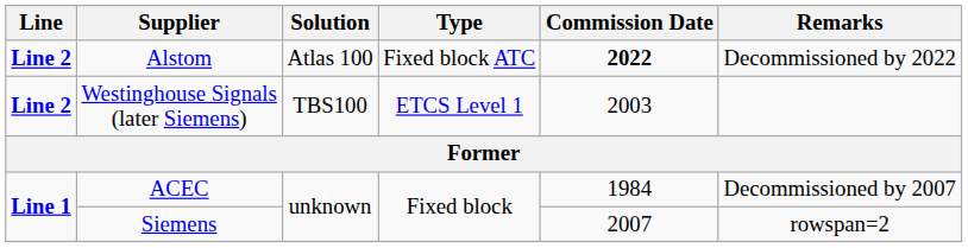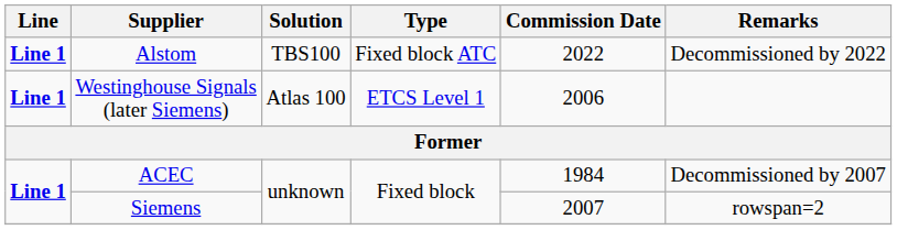 <table class="wikitable" style="margin:auto; font-align:center; text-align:center">
 <tr>
 <th>Line</th>
 <th>Supplier</th>
 <th>Solution</th>
 <th>Type</th>
 <th>Commission Date</th>
 <th>Remarks</th>
 </tr>
 <tr>
-<td style="background-color:#"><strong><a href='#'><span>Line 2</span></a></strong></td>
+<td style="background-color:#"><strong><a href='#'><span>Line 1</span></a></strong></td>
 <td><a href='#'>Alstom</a></td>
-<td>Atlas 100</td>
+<td>TBS100</td>
 <td>Fixed block <a href='#'>ATC</a></td>
-<td><strong>2022</strong></td>
+<td>2022</td>
 <td>Decommissioned by 2022</td>
 </tr>
 <tr>
-<td style="background-color:#"><strong><a href='#'><span>Line 2</span></a></strong></td>
+<td style="background-color:#"><strong><a href='#'><span>Line 1</span></a></strong></td>
 <td><a href='#'>Westinghouse Signals</a><br>(later <a href='#'>Siemens</a>)</td>
-<td>TBS100</td>
+<td>Atlas 100</td>
 <td><a href='#'>ETCS Level 1</a></td>
-<td>2003</td>
+<td>2006</td>
 </tr>
 <tr>
 <th colspan="6">Former</th>
 </tr>
 <tr>
 <td rowspan="2" style="background-color:#"><strong><a href='#'><span>Line 1</span></a></strong></td>
 <td><a href='#'>ACEC</a> </td>
 <td rowspan="2">unknown</td>
 <td rowspan="2">Fixed block</td>
 <td>1984</td>
 <td>Decommissioned by 2007</td>
 </tr>
 <tr>
 <td><a href='#'>Siemens</a></td>
 <td>2007</td>
 <td>rowspan=2 </td>
 </tr>
 <tr>
 </tr>
 </table>
